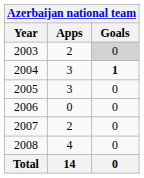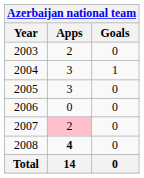 <table class="wikitable" style="text-align:center">
 <tr>
 <th colspan=3><a href='#'>Azerbaijan national team</a></th>
 </tr>
 <tr>
 <th>Year</th>
 <th>Apps</th>
 <th>Goals</th>
 </tr>
 <tr>
 <td>2003</td>
 <td>2</td>
-<td style="background: lightgrey;">0</td>
+<td>0</td>
 </tr>
 <tr>
 <td>2004</td>
 <td>3</td>
-<td><strong>1</strong></td>
+<td>1</td>
 </tr>
 <tr>
 <td>2005</td>
 <td>3</td>
 <td>0</td>
 </tr>
 <tr>
 <td>2006</td>
 <td>0</td>
 <td>0</td>
 </tr>
 <tr>
 <td>2007</td>
-<td>2</td>
+<td style="background: pink;">2</td>
 <td>0</td>
 </tr>
 <tr>
 <td>2008</td>
-<td>4</td>
+<td><strong>4</strong></td>
 <td>0</td>
 </tr>
 <tr>
 <th>Total</th>
 <th>14</th>
 <th>0</th>
 </tr>
 </table>
